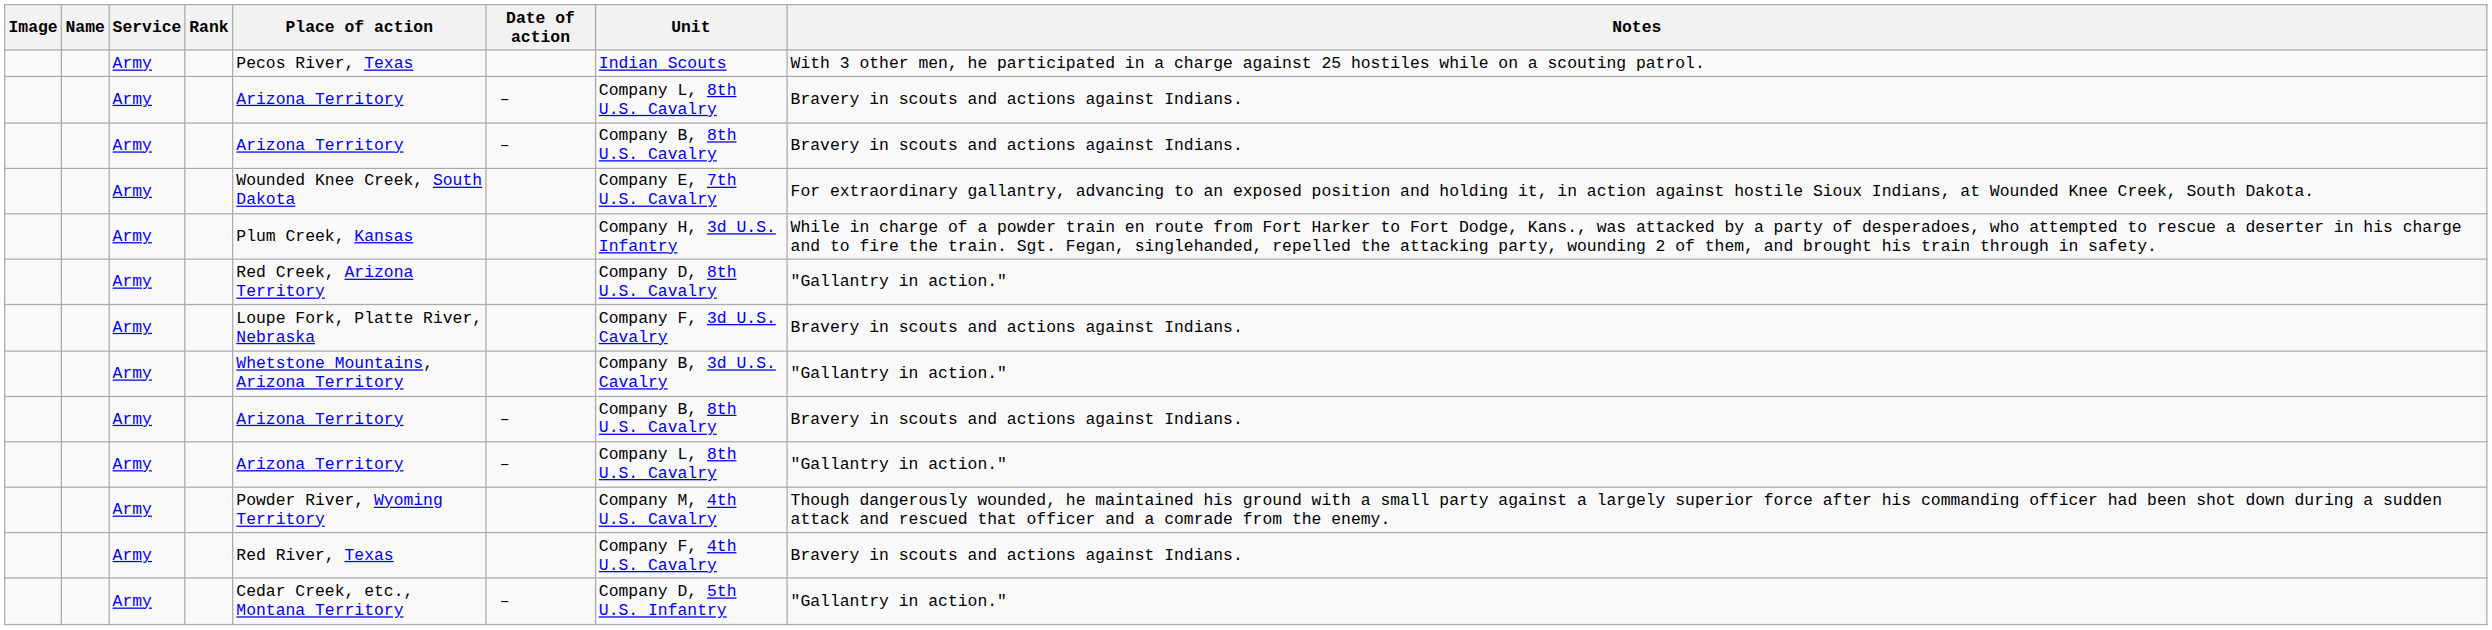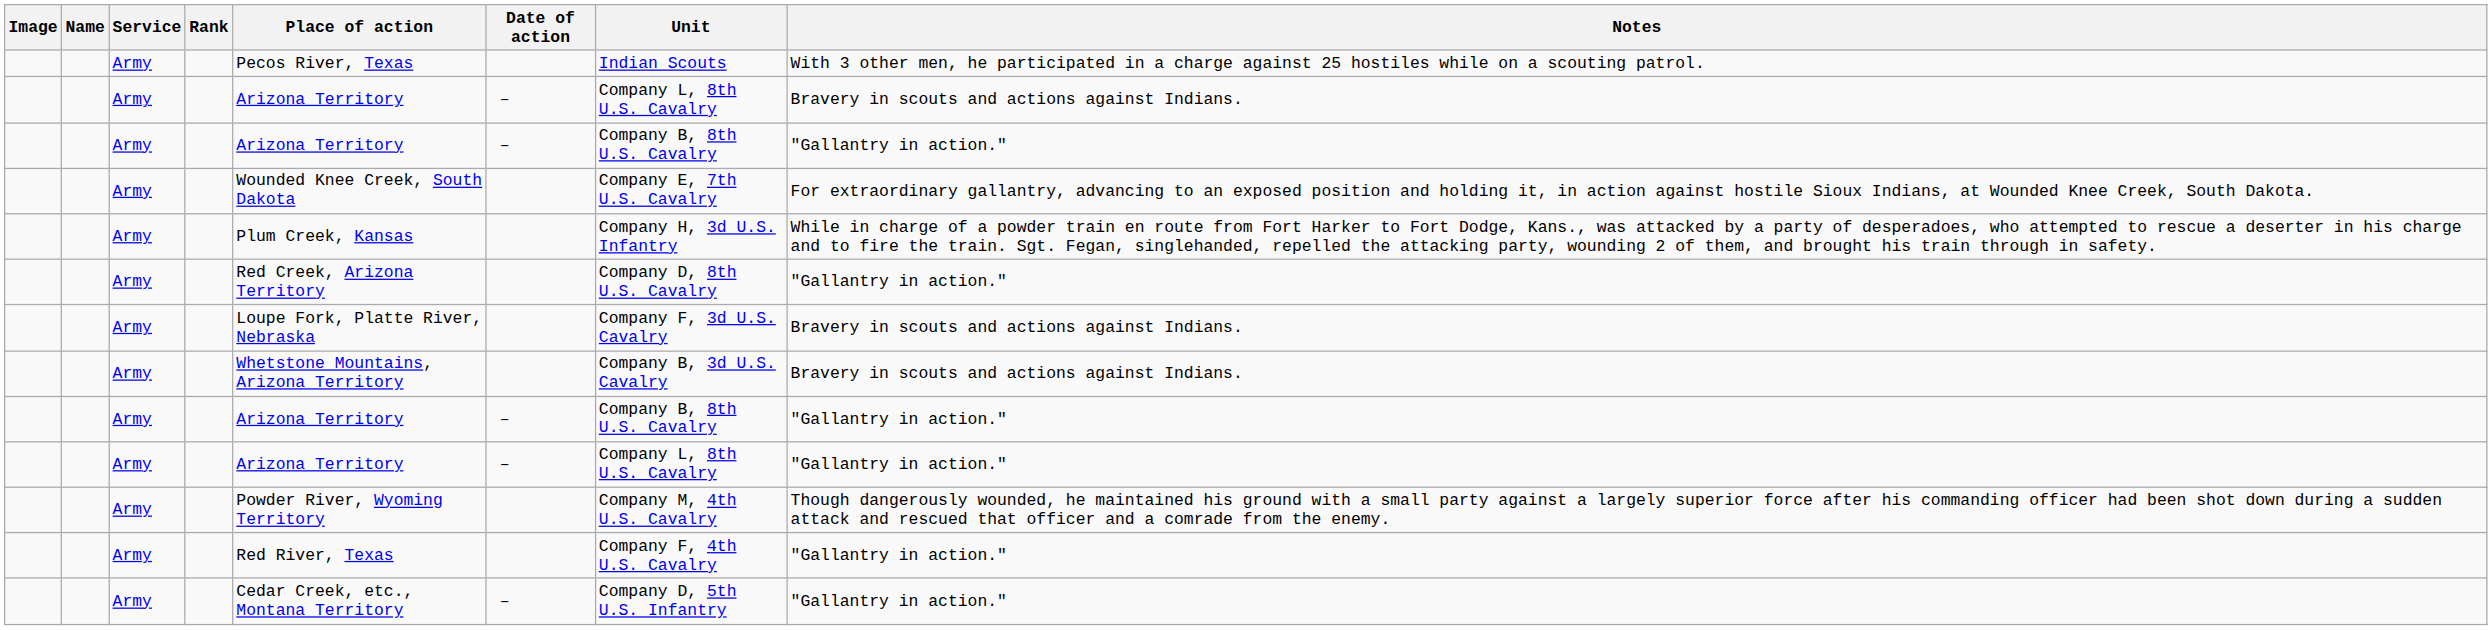 <table class="wikitable sortable">
 <tr>
 <th class="unsortable">Image</th>
 <th>Name</th>
 <th>Service</th>
 <th>Rank</th>
 <th>Place of action</th>
 <th>Date of action</th>
 <th>Unit</th>
 <th class="unsortable">Notes</th>
 </tr>
 <tr>
 <td></td>
 <td></td>
 <td><a href='#'>Army</a></td>
 <td></td>
 <td>Pecos River, <a href='#'>Texas</a></td>
 <td></td>
 <td><a href='#'>Indian Scouts</a></td>
 <td>With 3 other men, he participated in a charge against 25 hostiles while on a scouting patrol.</td>
 </tr>
 <tr>
 <td></td>
 <td></td>
 <td><a href='#'>Army</a></td>
 <td></td>
 <td><a href='#'>Arizona Territory</a></td>
 <td> – </td>
 <td>Company L, <a href='#'>8th U.S. Cavalry</a></td>
 <td>Bravery in scouts and actions against Indians.</td>
 </tr>
 <tr>
 <td></td>
 <td></td>
 <td><a href='#'>Army</a></td>
 <td></td>
 <td><a href='#'>Arizona Territory</a></td>
 <td> – </td>
 <td>Company B, <a href='#'>8th U.S. Cavalry</a></td>
-<td>Bravery in scouts and actions against Indians.</td>
+<td>"Gallantry in action."</td>
 </tr>
 <tr>
 <td></td>
 <td></td>
 <td><a href='#'>Army</a></td>
 <td></td>
 <td>Wounded Knee Creek, <a href='#'>South Dakota</a></td>
 <td></td>
 <td>Company E, <a href='#'>7th U.S. Cavalry</a></td>
 <td>For extraordinary gallantry, advancing to an exposed position and holding it, in action against hostile Sioux Indians, at Wounded Knee Creek, South Dakota.</td>
 </tr>
 <tr>
 <td></td>
 <td></td>
 <td><a href='#'>Army</a></td>
 <td></td>
 <td>Plum Creek, <a href='#'>Kansas</a></td>
 <td></td>
 <td>Company H, <a href='#'>3d U.S. Infantry</a></td>
 <td>While in charge of a powder train en route from Fort Harker to Fort Dodge, Kans., was attacked by a party of desperadoes, who attempted to rescue a deserter in his charge and to fire the train. Sgt. Fegan, singlehanded, repelled the attacking party, wounding 2 of them, and brought his train through in safety.</td>
 </tr>
 <tr>
 <td></td>
 <td></td>
 <td><a href='#'>Army</a></td>
 <td></td>
 <td>Red Creek, <a href='#'>Arizona Territory</a></td>
 <td></td>
 <td>Company D, <a href='#'>8th U.S. Cavalry</a></td>
 <td>"Gallantry in action."</td>
 </tr>
 <tr>
 <td></td>
 <td></td>
 <td><a href='#'>Army</a></td>
 <td></td>
 <td>Loupe Fork, Platte River, <a href='#'>Nebraska</a></td>
 <td></td>
 <td>Company F, <a href='#'>3d U.S. Cavalry</a></td>
 <td>Bravery in scouts and actions against Indians.</td>
 </tr>
 <tr>
 <td></td>
 <td></td>
 <td><a href='#'>Army</a></td>
 <td></td>
 <td><a href='#'>Whetstone Mountains</a>, <a href='#'>Arizona Territory</a></td>
 <td></td>
 <td>Company B, <a href='#'>3d U.S. Cavalry</a></td>
-<td>"Gallantry in action."</td>
+<td>Bravery in scouts and actions against Indians.</td>
 </tr>
 <tr>
 <td></td>
 <td></td>
 <td><a href='#'>Army</a></td>
 <td></td>
 <td><a href='#'>Arizona Territory</a></td>
 <td> – </td>
 <td>Company B, <a href='#'>8th U.S. Cavalry</a></td>
-<td>Bravery in scouts and actions against Indians.</td>
+<td>"Gallantry in action."</td>
 </tr>
 <tr>
 <td></td>
 <td></td>
 <td><a href='#'>Army</a></td>
 <td></td>
 <td><a href='#'>Arizona Territory</a></td>
 <td> – </td>
 <td>Company L, <a href='#'>8th U.S. Cavalry</a></td>
 <td>"Gallantry in action."</td>
 </tr>
 <tr>
 <td></td>
 <td></td>
 <td><a href='#'>Army</a></td>
 <td></td>
 <td>Powder River, <a href='#'>Wyoming Territory</a></td>
 <td></td>
 <td>Company M, <a href='#'>4th U.S. Cavalry</a></td>
 <td>Though dangerously wounded, he maintained his ground with a small party against a largely superior force after his commanding officer had been shot down during a sudden attack and rescued that officer and a comrade from the enemy.</td>
 </tr>
 <tr>
 <td></td>
 <td></td>
 <td><a href='#'>Army</a></td>
 <td></td>
 <td>Red River, <a href='#'>Texas</a></td>
 <td></td>
 <td>Company F, <a href='#'>4th U.S. Cavalry</a></td>
-<td>Bravery in scouts and actions against Indians.</td>
+<td>"Gallantry in action."</td>
 </tr>
 <tr>
 <td></td>
 <td></td>
 <td><a href='#'>Army</a></td>
 <td></td>
 <td>Cedar Creek, etc., <a href='#'>Montana Territory</a></td>
 <td> – </td>
 <td>Company D, <a href='#'>5th U.S. Infantry</a></td>
 <td>"Gallantry in action."</td>
 </tr>
 </table>
